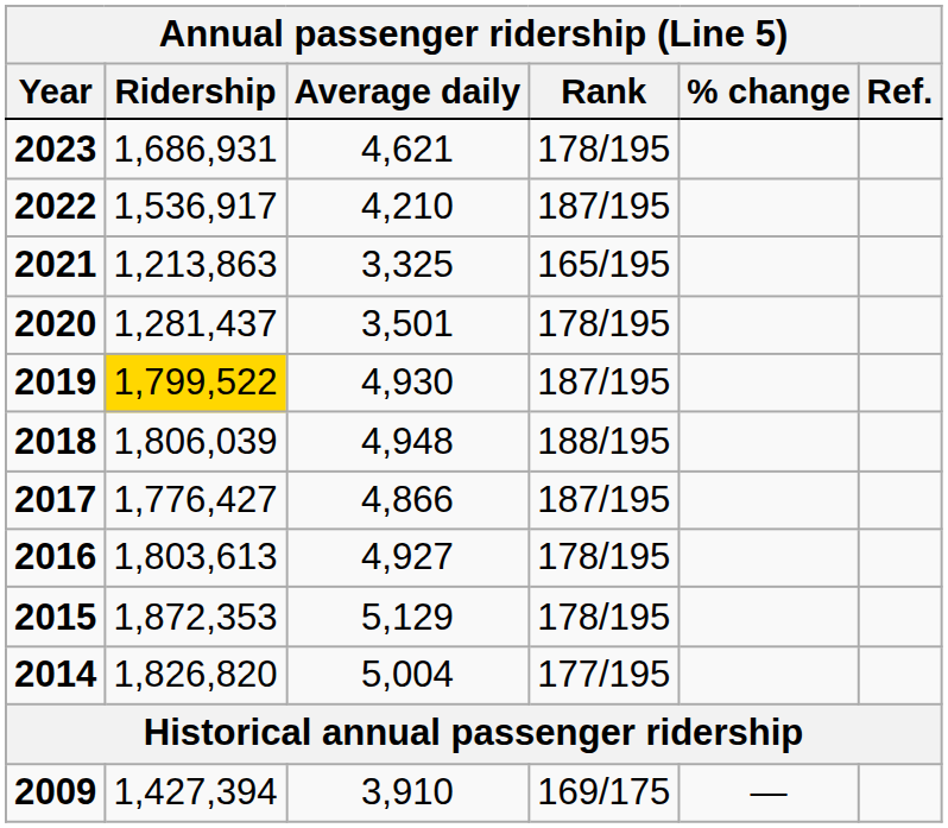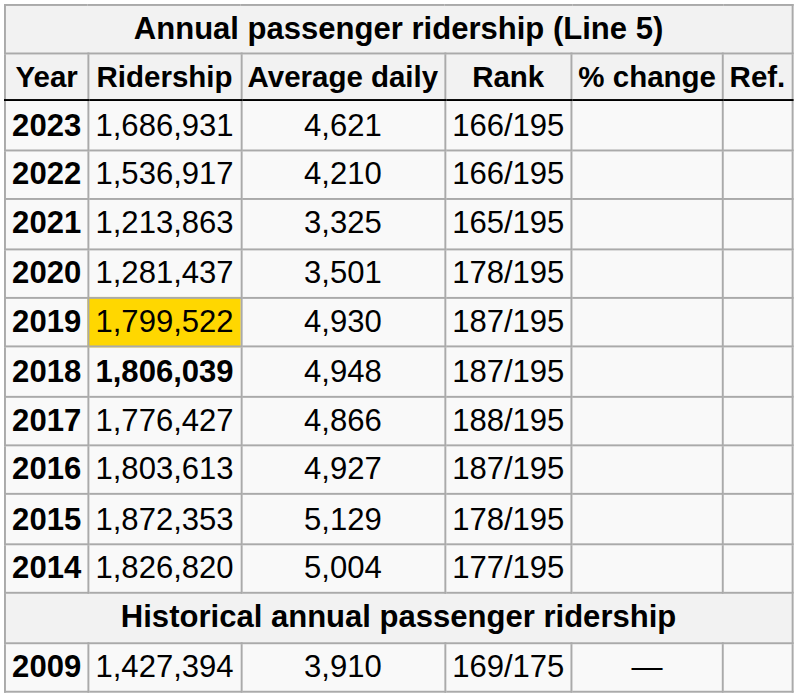 <table class="wikitable sortable" style="text-align:right;">
 <tr>
 <th colspan="6" style="background-color:#">Annual passenger ridership (Line 5)</th>
 </tr>
 <tr style="font-size:95%; text-align:center">
 <th style="border-bottom:1px solid black">Year</th>
 <th style="border-bottom:1px solid black">Ridership</th>
 <th style="border-bottom:1px solid black">Average daily</th>
 <th style="border-bottom:1px solid black">Rank</th>
 <th style="border-bottom:1px solid black">% change</th>
 <th style="border-bottom:1px solid black">Ref.</th>
 </tr>
 <tr style="text-align:center;">
 <td><strong>2023</strong></td>
 <td>1,686,931</td>
 <td>4,621</td>
-<td>178/195</td>
+<td>166/195</td>
 <td></td>
 <td></td>
 </tr>
 <tr style="text-align:center;">
 <td><strong>2022</strong></td>
 <td>1,536,917</td>
 <td>4,210</td>
-<td>187/195</td>
+<td>166/195</td>
 <td></td>
 <td></td>
 </tr>
 <tr style="text-align:center;">
 <td><strong>2021</strong></td>
 <td>1,213,863</td>
 <td>3,325</td>
 <td>165/195</td>
 <td></td>
 <td></td>
 </tr>
 <tr style="text-align:center;">
 <td><strong>2020</strong></td>
 <td>1,281,437</td>
 <td>3,501</td>
 <td>178/195</td>
 <td></td>
 <td></td>
 </tr>
 <tr style="text-align:center;">
 <td><strong>2019</strong></td>
 <td style="background: gold;">1,799,522</td>
 <td>4,930</td>
 <td>187/195</td>
 <td></td>
 <td></td>
 </tr>
 <tr style="text-align:center;">
 <td><strong>2018</strong></td>
-<td>1,806,039</td>
+<td><strong>1,806,039</strong></td>
 <td>4,948</td>
-<td>188/195</td>
+<td>187/195</td>
 <td></td>
 <td></td>
 </tr>
 <tr style="text-align:center;">
 <td><strong>2017</strong></td>
 <td>1,776,427</td>
 <td>4,866</td>
-<td>187/195</td>
+<td>188/195</td>
 <td></td>
 <td></td>
 </tr>
 <tr style="text-align:center;">
 <td><strong>2016</strong></td>
 <td>1,803,613</td>
 <td>4,927</td>
-<td>178/195</td>
+<td>187/195</td>
 <td></td>
 <td></td>
 </tr>
 <tr style="text-align:center;">
 <td><strong>2015</strong></td>
 <td>1,872,353</td>
 <td>5,129</td>
 <td>178/195</td>
 <td></td>
 <td></td>
 </tr>
 <tr style="text-align:center;">
 <td><strong>2014</strong></td>
 <td>1,826,820</td>
 <td>5,004</td>
 <td>177/195</td>
 <td></td>
 <td></td>
 </tr>
 <tr>
 <th colspan="6" style="background-color:#">Historical annual passenger ridership</th>
 </tr>
 <tr style="text-align:center;">
 <td><strong>2009</strong></td>
 <td>1,427,394</td>
 <td>3,910</td>
 <td>169/175</td>
 <td>—</td>
 <td></td>
 </tr>
 </table>
